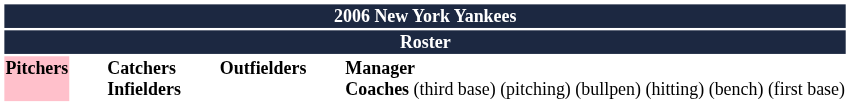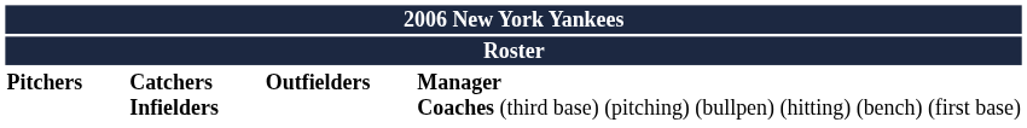 <table class="toccolours" style="font-size: 95%;">
 <tr>
 <th colspan="10" style="background-color: #1c2841; color: white; text-align: center;">2006 New York Yankees</th>
 </tr>
 <tr>
 <td colspan="10" style="background-color: #1c2841; color: white; text-align: center;"><strong>Roster</strong></td>
 </tr>
 <tr>
-<td valign="top" style="background: pink;"><strong>Pitchers</strong><br>                        </td>
+<td valign="top"><strong>Pitchers</strong><br>                        </td>
 <td width="25px"></td>
 <td valign="top"><strong>Catchers</strong><br>    <strong>Infielders</strong>         </td>
 <td width="25px"></td>
 <td valign="top"><strong>Outfielders</strong><br>          </td>
 <td width="25px"></td>
 <td valign="top"><strong>Manager</strong><br> <strong>Coaches</strong>  (third base) (pitching)  (bullpen)  (hitting)  (bench)  (first base)</td>
 </tr>
 </table>
